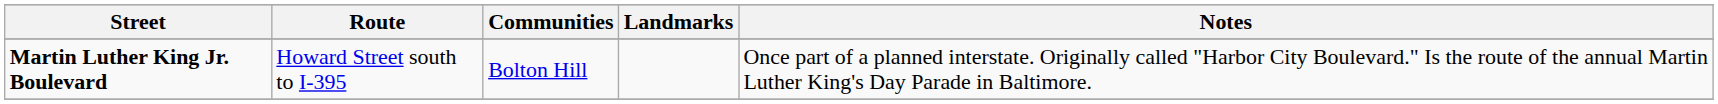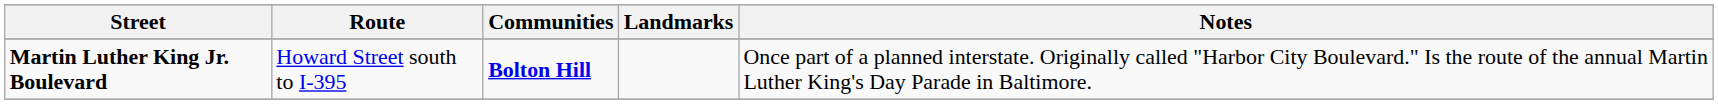 <table class="wikitable">
 <tr style="background-color:#DDDDDD;text-align:center;">
 </tr>
 <tr>
 <th>Street</th>
 <th>Route</th>
 <th>Communities</th>
 <th>Landmarks</th>
 <th>Notes</th>
 </tr>
 <tr>
 </tr>
 <tr>
 <td><strong>Martin Luther King Jr. Boulevard</strong></td>
 <td><a href='#'>Howard Street</a> south to <a href='#'>I-395</a></td>
-<td><a href='#'>Bolton Hill</a></td>
+<td><strong><a href='#'>Bolton Hill</a></strong></td>
 <td></td>
 <td>Once part of a planned interstate. Originally called "Harbor City Boulevard." Is the route of the annual Martin Luther King's Day Parade in Baltimore.</td>
 </tr>
 <tr>
 </tr>
 </table>
